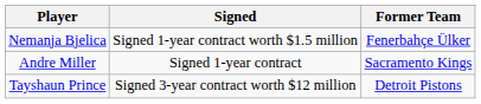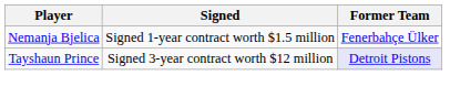 <table class="wikitable sortable sortable">
 <tr>
 <th>Player</th>
 <th>Signed</th>
 <th>Former Team</th>
 </tr>
 <tr style="text-align: center">
 <td><a href='#'>Nemanja Bjelica</a></td>
 <td>Signed 1-year contract worth $1.5 million</td>
 <td> <a href='#'>Fenerbahçe Ülker</a></td>
 </tr>
 <tr style="text-align: center">
-<td><a href='#'>Andre Miller</a></td>
-<td>Signed 1-year contract</td>
-<td><a href='#'>Sacramento Kings</a></td>
-</tr>
-<tr style="text-align: center">
 <td><a href='#'>Tayshaun Prince</a></td>
 <td>Signed 3-year contract worth $12 million</td>
-<td><a href='#'>Detroit Pistons</a></td>
+<td style="background: lavender;"><a href='#'>Detroit Pistons</a></td>
 </tr>
 </table>
